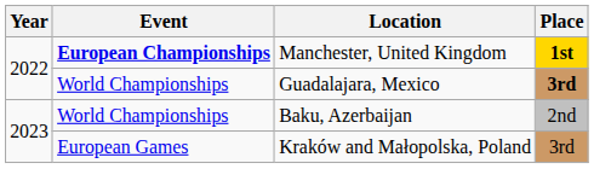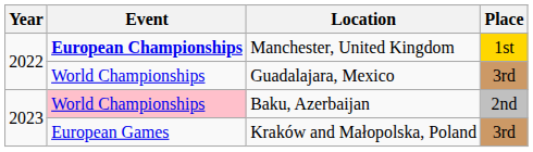 <table class="wikitable" style="text-align:center; font-size:95%;">
 <tr>
 <th align=center>Year</th>
 <th>Event</th>
 <th>Location</th>
 <th>Place</th>
 </tr>
 <tr>
 <td rowspan=2>2022</td>
 <td align="left"><strong><a href='#'>European Championships</a></strong></td>
 <td align="left">Manchester, United Kingdom</td>
-<td align="center" bgcolor="gold"><strong>1st</strong></td>
+<td align="center" bgcolor="gold">1st</td>
 </tr>
 <tr>
 <td align="left"><a href='#'>World Championships</a></td>
 <td align="left">Guadalajara, Mexico</td>
-<td align="center" bgcolor="cc9966"><strong>3rd</strong></td>
+<td align="center" bgcolor="cc9966">3rd</td>
 </tr>
 <tr>
 <td rowspan=2>2023</td>
-<td align="left"><a href='#'>World Championships</a></td>
+<td align="left" style="background: pink;"><a href='#'>World Championships</a></td>
 <td align="left">Baku, Azerbaijan</td>
 <td align="center" bgcolor="silver">2nd</td>
 </tr>
 <tr>
 <td align="left"><a href='#'>European Games</a></td>
 <td align="left">Kraków and Małopolska, Poland</td>
 <td align="center" bgcolor="cc9966">3rd</td>
 </tr>
 </table>
